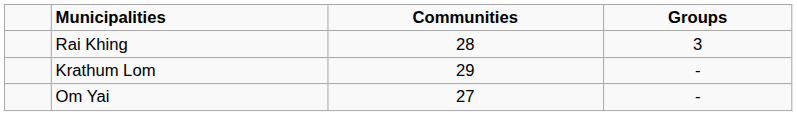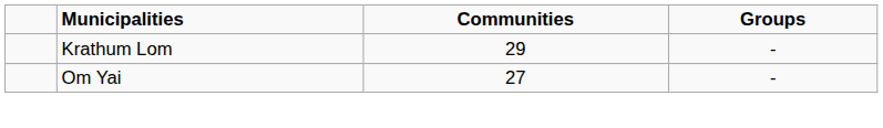 <table class="wikitable" style="width:60%;">
 <tr>
 <td scope="col" style="width:6%;"> </td>
 <td scope="col" style="width:35%;"><strong>Municipalities</strong></td>
 <td scope="col" style="width:35%; text-align:center;"><strong>Communities</strong></td>
 <td scope="col" style="width:24%; text-align:center;"><strong>Groups</strong></td>
-</tr>
-<tr>
-<td scope="row"> </td>
-<td>Rai Khing</td>
-<td style="text-align:center;">28</td>
-<td style="text-align:center;">3</td>
 </tr>
 <tr>
 <td scope="row"> </td>
 <td>Krathum Lom</td>
 <td style="text-align:center;">29</td>
 <td style="text-align:center;">-</td>
 </tr>
 <tr>
 <td scope="row"> </td>
 <td>Om Yai</td>
 <td style="text-align:center;">27</td>
 <td style="text-align:center;">-</td>
 </tr>
 </table>
